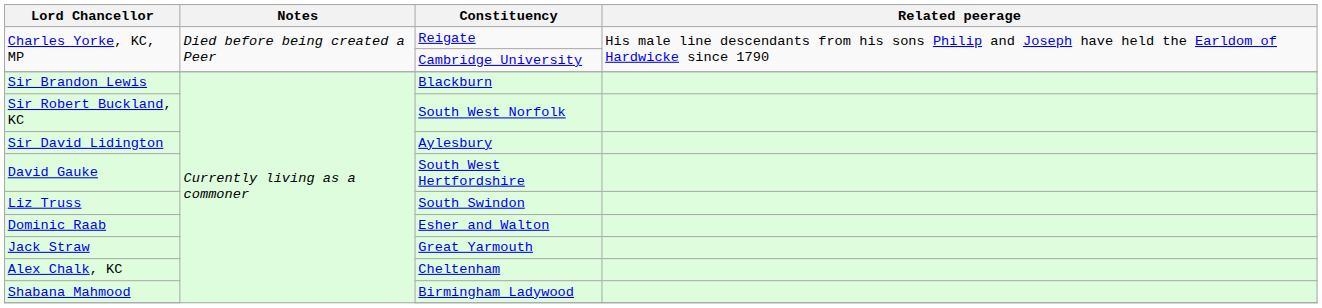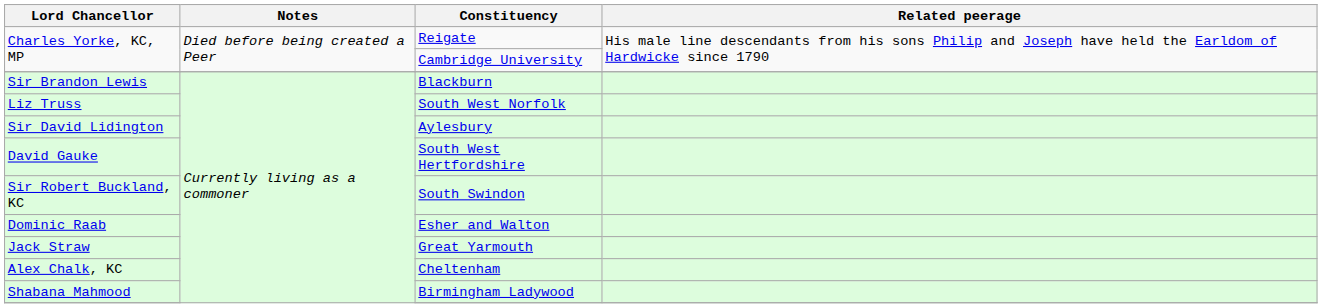 <table class="wikitable sortable">
 <tr>
 <th>Lord Chancellor</th>
 <th>Notes</th>
 <th>Constituency</th>
 <th>Related peerage</th>
 </tr>
 <tr>
 <td rowspan=2><a href='#'>Charles Yorke</a>, KC, MP</td>
 <td rowspan=2><em>Died before being created a Peer</em></td>
 <td><a href='#'>Reigate</a></td>
 <td rowspan=2>His male line descendants from his sons <a href='#'>Philip</a> and <a href='#'>Joseph</a> have held the <a href='#'>Earldom of Hardwicke</a> since 1790</td>
 </tr>
 <tr>
 <td><a href='#'>Cambridge University</a></td>
 </tr>
 <tr>
 </tr>
 <tr scope=row style="background:#DDFDDD">
 <td><a href='#'>Sir Brandon Lewis</a></td>
 <td rowspan=11><em>Currently living as a commoner</em></td>
 <td><a href='#'>Blackburn</a></td>
 <td></td>
 </tr>
 <tr scope=row style="background:#DDFDDD">
-<td><a href='#'>Sir Robert Buckland</a>, KC</td>
+<td><a href='#'>Liz Truss</a></td>
 <td><a href='#'>South West Norfolk</a></td>
 <td></td>
 </tr>
 <tr scope=row style="background:#DDFDDD">
 <td><a href='#'>Sir David Lidington</a></td>
 <td><a href='#'>Aylesbury</a></td>
 <td></td>
 </tr>
 <tr scope=row style="background:#DDFDDD">
 <td><a href='#'>David Gauke</a></td>
 <td><a href='#'>South West Hertfordshire</a></td>
 <td></td>
 </tr>
 <tr scope=row style="background:#DDFDDD">
-<td><a href='#'>Liz Truss</a></td>
+<td><a href='#'>Sir Robert Buckland</a>, KC</td>
 <td><a href='#'>South Swindon</a></td>
 <td></td>
 </tr>
 <tr scope=row style="background:#DDFDDD">
 <td><a href='#'>Dominic Raab</a></td>
 <td><a href='#'>Esher and Walton</a></td>
 <td></td>
 </tr>
 <tr scope=row style="background:#DDFDDD">
 <td><a href='#'>Jack Straw</a></td>
 <td><a href='#'>Great Yarmouth</a></td>
 <td></td>
 </tr>
 <tr scope=row style="background:#DDFDDD">
 <td><a href='#'>Alex Chalk</a>, KC</td>
 <td><a href='#'>Cheltenham</a></td>
 <td></td>
 </tr>
 <tr scope=row style="background:#DDFDDD">
 <td><a href='#'>Shabana Mahmood</a></td>
 <td><a href='#'>Birmingham Ladywood</a></td>
 <td></td>
 </tr>
 <tr>
 </tr>
 </table>
